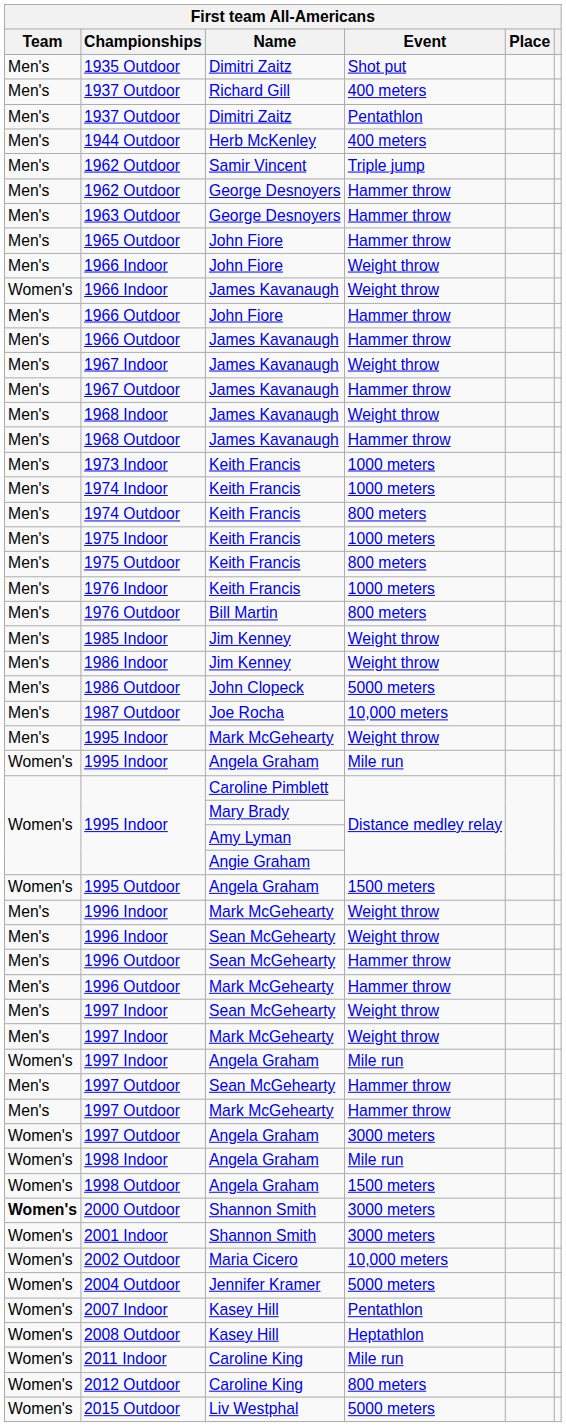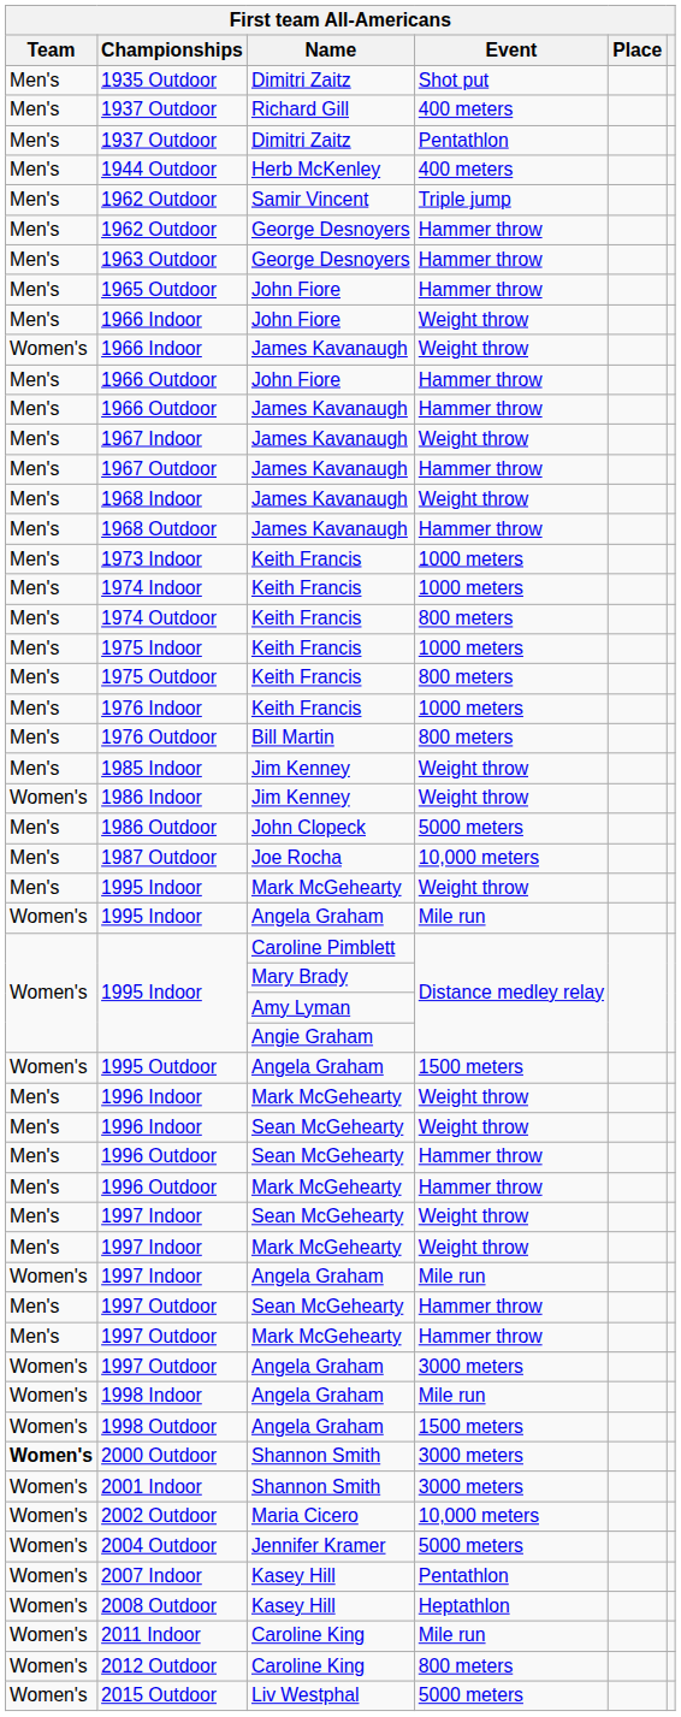 <table class="wikitable sortable">
 <tr>
 <th colspan="6">First team All-Americans</th>
 </tr>
 <tr>
 <th scope="col">Team</th>
 <th scope="col">Championships</th>
 <th scope="col">Name</th>
 <th scope="col">Event</th>
 <th scope="col">Place</th>
 <th scope="col"></th>
 </tr>
 <tr>
 <td>Men's</td>
 <td><a href='#'>1935 Outdoor</a></td>
 <td><a href='#'>Dimitri Zaitz</a></td>
 <td><a href='#'>Shot put</a></td>
 <td></td>
 <td></td>
 </tr>
 <tr>
 <td>Men's</td>
 <td><a href='#'>1937 Outdoor</a></td>
 <td><a href='#'>Richard Gill</a></td>
 <td><a href='#'>400 meters</a></td>
 <td></td>
 <td></td>
 </tr>
 <tr>
 <td>Men's</td>
 <td><a href='#'>1937 Outdoor</a></td>
 <td><a href='#'>Dimitri Zaitz</a></td>
 <td><a href='#'>Pentathlon</a></td>
 <td></td>
 <td></td>
 </tr>
 <tr>
 <td>Men's</td>
 <td><a href='#'>1944 Outdoor</a></td>
 <td><a href='#'>Herb McKenley</a></td>
 <td><a href='#'>400 meters</a></td>
 <td></td>
 <td></td>
 </tr>
 <tr>
 <td>Men's</td>
 <td><a href='#'>1962 Outdoor</a></td>
 <td><a href='#'>Samir Vincent</a></td>
 <td><a href='#'>Triple jump</a></td>
 <td></td>
 <td></td>
 </tr>
 <tr>
 <td>Men's</td>
 <td><a href='#'>1962 Outdoor</a></td>
 <td><a href='#'>George Desnoyers</a></td>
 <td><a href='#'>Hammer throw</a></td>
 <td></td>
 <td></td>
 </tr>
 <tr>
 <td>Men's</td>
 <td><a href='#'>1963 Outdoor</a></td>
 <td><a href='#'>George Desnoyers</a></td>
 <td><a href='#'>Hammer throw</a></td>
 <td></td>
 <td></td>
 </tr>
 <tr>
 <td>Men's</td>
 <td><a href='#'>1965 Outdoor</a></td>
 <td><a href='#'>John Fiore</a></td>
 <td><a href='#'>Hammer throw</a></td>
 <td></td>
 <td></td>
 </tr>
 <tr>
 <td>Men's</td>
 <td><a href='#'>1966 Indoor</a></td>
 <td><a href='#'>John Fiore</a></td>
 <td><a href='#'>Weight throw</a></td>
 <td></td>
 <td></td>
 </tr>
 <tr>
 <td>Women's</td>
 <td><a href='#'>1966 Indoor</a></td>
 <td><a href='#'>James Kavanaugh</a></td>
 <td><a href='#'>Weight throw</a></td>
 <td></td>
 <td></td>
 </tr>
 <tr>
 <td>Men's</td>
 <td><a href='#'>1966 Outdoor</a></td>
 <td><a href='#'>John Fiore</a></td>
 <td><a href='#'>Hammer throw</a></td>
 <td></td>
 <td></td>
 </tr>
 <tr>
 <td>Men's</td>
 <td><a href='#'>1966 Outdoor</a></td>
 <td><a href='#'>James Kavanaugh</a></td>
 <td><a href='#'>Hammer throw</a></td>
 <td></td>
 <td></td>
 </tr>
 <tr>
 <td>Men's</td>
 <td><a href='#'>1967 Indoor</a></td>
 <td><a href='#'>James Kavanaugh</a></td>
 <td><a href='#'>Weight throw</a></td>
 <td></td>
 <td></td>
 </tr>
 <tr>
 <td>Men's</td>
 <td><a href='#'>1967 Outdoor</a></td>
 <td><a href='#'>James Kavanaugh</a></td>
 <td><a href='#'>Hammer throw</a></td>
 <td></td>
 <td></td>
 </tr>
 <tr>
 <td>Men's</td>
 <td><a href='#'>1968 Indoor</a></td>
 <td><a href='#'>James Kavanaugh</a></td>
 <td><a href='#'>Weight throw</a></td>
 <td></td>
 <td></td>
 </tr>
 <tr>
 <td>Men's</td>
 <td><a href='#'>1968 Outdoor</a></td>
 <td><a href='#'>James Kavanaugh</a></td>
 <td><a href='#'>Hammer throw</a></td>
 <td></td>
 <td></td>
 </tr>
 <tr>
 <td>Men's</td>
 <td><a href='#'>1973 Indoor</a></td>
 <td><a href='#'>Keith Francis</a></td>
 <td><a href='#'>1000 meters</a></td>
 <td></td>
 <td></td>
 </tr>
 <tr>
 <td>Men's</td>
 <td><a href='#'>1974 Indoor</a></td>
 <td><a href='#'>Keith Francis</a></td>
 <td><a href='#'>1000 meters</a></td>
 <td></td>
 <td></td>
 </tr>
 <tr>
 <td>Men's</td>
 <td><a href='#'>1974 Outdoor</a></td>
 <td><a href='#'>Keith Francis</a></td>
 <td><a href='#'>800 meters</a></td>
 <td></td>
 <td></td>
 </tr>
 <tr>
 <td>Men's</td>
 <td><a href='#'>1975 Indoor</a></td>
 <td><a href='#'>Keith Francis</a></td>
 <td><a href='#'>1000 meters</a></td>
 <td></td>
 <td></td>
 </tr>
 <tr>
 <td>Men's</td>
 <td><a href='#'>1975 Outdoor</a></td>
 <td><a href='#'>Keith Francis</a></td>
 <td><a href='#'>800 meters</a></td>
 <td></td>
 <td></td>
 </tr>
 <tr>
 <td>Men's</td>
 <td><a href='#'>1976 Indoor</a></td>
 <td><a href='#'>Keith Francis</a></td>
 <td><a href='#'>1000 meters</a></td>
 <td></td>
 <td></td>
 </tr>
 <tr>
 <td>Men's</td>
 <td><a href='#'>1976 Outdoor</a></td>
 <td><a href='#'>Bill Martin</a></td>
 <td><a href='#'>800 meters</a></td>
 <td></td>
 <td></td>
 </tr>
 <tr>
 <td>Men's</td>
 <td><a href='#'>1985 Indoor</a></td>
 <td><a href='#'>Jim Kenney</a></td>
 <td><a href='#'>Weight throw</a></td>
 <td></td>
 <td></td>
 </tr>
 <tr>
-<td>Men's</td>
+<td>Women's</td>
 <td><a href='#'>1986 Indoor</a></td>
 <td><a href='#'>Jim Kenney</a></td>
 <td><a href='#'>Weight throw</a></td>
 <td></td>
 <td></td>
 </tr>
 <tr>
 <td>Men's</td>
 <td><a href='#'>1986 Outdoor</a></td>
 <td><a href='#'>John Clopeck</a></td>
 <td><a href='#'>5000 meters</a></td>
 <td></td>
 <td></td>
 </tr>
 <tr>
 <td>Men's</td>
 <td><a href='#'>1987 Outdoor</a></td>
 <td><a href='#'>Joe Rocha</a></td>
 <td><a href='#'>10,000 meters</a></td>
 <td></td>
 <td></td>
 </tr>
 <tr>
 <td>Men's</td>
 <td><a href='#'>1995 Indoor</a></td>
 <td><a href='#'>Mark McGehearty</a></td>
 <td><a href='#'>Weight throw</a></td>
 <td></td>
 <td></td>
 </tr>
 <tr>
 <td>Women's</td>
 <td><a href='#'>1995 Indoor</a></td>
 <td><a href='#'>Angela Graham</a></td>
 <td><a href='#'>Mile run</a></td>
 <td></td>
 <td></td>
 </tr>
 <tr>
 <td rowspan=4>Women's</td>
 <td rowspan=4><a href='#'>1995 Indoor</a></td>
 <td><a href='#'>Caroline Pimblett</a></td>
 <td rowspan=4><a href='#'>Distance medley relay</a></td>
 <td rowspan=4></td>
 <td rowspan=4></td>
 </tr>
 <tr>
 <td><a href='#'>Mary Brady</a></td>
 </tr>
 <tr>
 <td><a href='#'>Amy Lyman</a></td>
 </tr>
 <tr>
 <td><a href='#'>Angie Graham</a></td>
 </tr>
 <tr>
 <td>Women's</td>
 <td><a href='#'>1995 Outdoor</a></td>
 <td><a href='#'>Angela Graham</a></td>
 <td><a href='#'>1500 meters</a></td>
 <td></td>
 <td></td>
 </tr>
 <tr>
 <td>Men's</td>
 <td><a href='#'>1996 Indoor</a></td>
 <td><a href='#'>Mark McGehearty</a></td>
 <td><a href='#'>Weight throw</a></td>
 <td></td>
 <td></td>
 </tr>
 <tr>
 <td>Men's</td>
 <td><a href='#'>1996 Indoor</a></td>
 <td><a href='#'>Sean McGehearty</a></td>
 <td><a href='#'>Weight throw</a></td>
 <td></td>
 <td></td>
 </tr>
 <tr>
 <td>Men's</td>
 <td><a href='#'>1996 Outdoor</a></td>
 <td><a href='#'>Sean McGehearty</a></td>
 <td><a href='#'>Hammer throw</a></td>
 <td></td>
 <td></td>
 </tr>
 <tr>
 <td>Men's</td>
 <td><a href='#'>1996 Outdoor</a></td>
 <td><a href='#'>Mark McGehearty</a></td>
 <td><a href='#'>Hammer throw</a></td>
 <td></td>
 <td></td>
 </tr>
 <tr>
 <td>Men's</td>
 <td><a href='#'>1997 Indoor</a></td>
 <td><a href='#'>Sean McGehearty</a></td>
 <td><a href='#'>Weight throw</a></td>
 <td></td>
 <td></td>
 </tr>
 <tr>
 <td>Men's</td>
 <td><a href='#'>1997 Indoor</a></td>
 <td><a href='#'>Mark McGehearty</a></td>
 <td><a href='#'>Weight throw</a></td>
 <td></td>
 <td></td>
 </tr>
 <tr>
 <td>Women's</td>
 <td><a href='#'>1997 Indoor</a></td>
 <td><a href='#'>Angela Graham</a></td>
 <td><a href='#'>Mile run</a></td>
 <td></td>
 <td></td>
 </tr>
 <tr>
 <td>Men's</td>
 <td><a href='#'>1997 Outdoor</a></td>
 <td><a href='#'>Sean McGehearty</a></td>
 <td><a href='#'>Hammer throw</a></td>
 <td></td>
 <td></td>
 </tr>
 <tr>
 <td>Men's</td>
 <td><a href='#'>1997 Outdoor</a></td>
 <td><a href='#'>Mark McGehearty</a></td>
 <td><a href='#'>Hammer throw</a></td>
 <td></td>
 <td></td>
 </tr>
 <tr>
 <td>Women's</td>
 <td><a href='#'>1997 Outdoor</a></td>
 <td><a href='#'>Angela Graham</a></td>
 <td><a href='#'>3000 meters</a></td>
 <td></td>
 <td></td>
 </tr>
 <tr>
 <td>Women's</td>
 <td><a href='#'>1998 Indoor</a></td>
 <td><a href='#'>Angela Graham</a></td>
 <td><a href='#'>Mile run</a></td>
 <td></td>
 <td></td>
 </tr>
 <tr>
 <td>Women's</td>
 <td><a href='#'>1998 Outdoor</a></td>
 <td><a href='#'>Angela Graham</a></td>
 <td><a href='#'>1500 meters</a></td>
 <td></td>
 <td></td>
 </tr>
 <tr>
 <td><strong>Women's</strong></td>
 <td><a href='#'>2000 Outdoor</a></td>
 <td><a href='#'>Shannon Smith</a></td>
 <td><a href='#'>3000 meters</a></td>
 <td></td>
 <td></td>
 </tr>
 <tr>
 <td>Women's</td>
 <td><a href='#'>2001 Indoor</a></td>
 <td><a href='#'>Shannon Smith</a></td>
 <td><a href='#'>3000 meters</a></td>
 <td></td>
 <td></td>
 </tr>
 <tr>
 <td>Women's</td>
 <td><a href='#'>2002 Outdoor</a></td>
 <td><a href='#'>Maria Cicero</a></td>
 <td><a href='#'>10,000 meters</a></td>
 <td></td>
 <td></td>
 </tr>
 <tr>
 <td>Women's</td>
 <td><a href='#'>2004 Outdoor</a></td>
 <td><a href='#'>Jennifer Kramer</a></td>
 <td><a href='#'>5000 meters</a></td>
 <td></td>
 <td></td>
 </tr>
 <tr>
 <td>Women's</td>
 <td><a href='#'>2007 Indoor</a></td>
 <td><a href='#'>Kasey Hill</a></td>
 <td><a href='#'>Pentathlon</a></td>
 <td></td>
 <td></td>
 </tr>
 <tr>
 <td>Women's</td>
 <td><a href='#'>2008 Outdoor</a></td>
 <td><a href='#'>Kasey Hill</a></td>
 <td><a href='#'>Heptathlon</a></td>
 <td></td>
 <td></td>
 </tr>
 <tr>
 <td>Women's</td>
 <td><a href='#'>2011 Indoor</a></td>
 <td><a href='#'>Caroline King</a></td>
 <td><a href='#'>Mile run</a></td>
 <td></td>
 <td></td>
 </tr>
 <tr>
 <td>Women's</td>
 <td><a href='#'>2012 Outdoor</a></td>
 <td><a href='#'>Caroline King</a></td>
 <td><a href='#'>800 meters</a></td>
 <td></td>
 <td></td>
 </tr>
 <tr>
 <td>Women's</td>
 <td><a href='#'>2015 Outdoor</a></td>
 <td><a href='#'>Liv Westphal</a></td>
 <td><a href='#'>5000 meters</a></td>
 <td></td>
 <td></td>
 </tr>
 </table>
